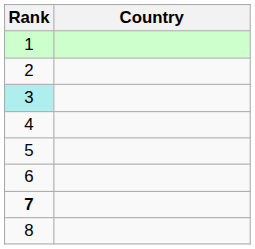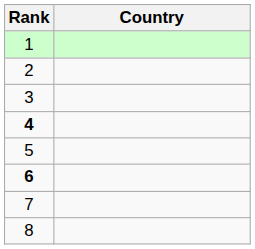 <table class=wikitable style="text-align:center;">
 <tr>
 <th>Rank</th>
 <th width=180>Country</th>
 </tr>
 <tr bgcolor=ccffcc>
 <td>1</td>
 <td align=left></td>
 </tr>
 <tr>
 <td>2</td>
 <td align=left></td>
 </tr>
 <tr>
-<td style="background: paleturquoise;">3</td>
+<td>3</td>
 <td align=left></td>
 </tr>
 <tr>
-<td>4</td>
+<td><strong>4</strong></td>
 <td align=left></td>
 </tr>
 <tr>
 <td>5</td>
 <td align=left></td>
 </tr>
 <tr>
-<td>6</td>
+<td><strong>6</strong></td>
 <td align=left></td>
 </tr>
 <tr>
-<td><strong>7</strong></td>
+<td>7</td>
 <td align=left></td>
 </tr>
 <tr>
 <td>8</td>
 <td align=left></td>
 </tr>
 </table>
